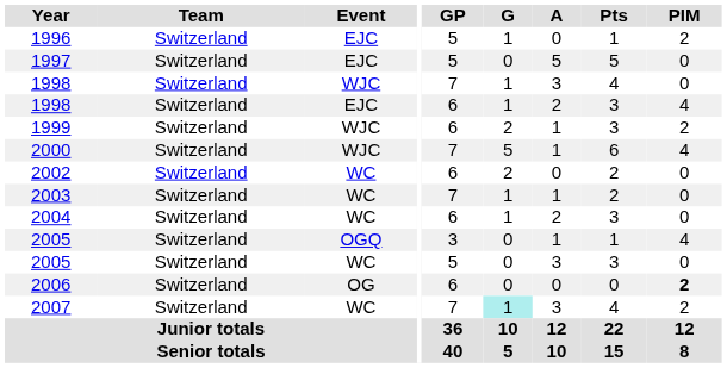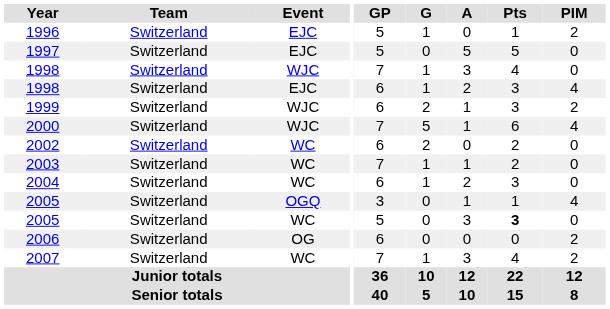 <table border="0" cellpadding="1" cellspacing="0" ID="Table3" style="text-align:center; width:40em">
 <tr ALIGN="center" bgcolor="#e0e0e0">
 <th>Year</th>
 <th>Team</th>
 <th>Event</th>
 <th rowspan="99" bgcolor="#ffffff"></th>
 <th>GP</th>
 <th>G</th>
 <th>A</th>
 <th>Pts</th>
 <th>PIM</th>
 </tr>
 <tr>
 <td><a href='#'>1996</a></td>
 <td><a href='#'>Switzerland</a></td>
 <td><a href='#'>EJC</a></td>
 <td>5</td>
 <td>1</td>
 <td>0</td>
 <td>1</td>
 <td>2</td>
 </tr>
 <tr bgcolor="#f0f0f0">
 <td><a href='#'>1997</a></td>
 <td>Switzerland</td>
 <td>EJC</td>
 <td>5</td>
 <td>0</td>
 <td>5</td>
 <td>5</td>
 <td>0</td>
 </tr>
 <tr>
 <td><a href='#'>1998</a></td>
 <td><a href='#'>Switzerland</a></td>
 <td><a href='#'>WJC</a></td>
 <td>7</td>
 <td>1</td>
 <td>3</td>
 <td>4</td>
 <td>0</td>
 </tr>
 <tr bgcolor="#f0f0f0">
 <td><a href='#'>1998</a></td>
 <td>Switzerland</td>
 <td>EJC</td>
 <td>6</td>
 <td>1</td>
 <td>2</td>
 <td>3</td>
 <td>4</td>
 </tr>
 <tr>
 <td><a href='#'>1999</a></td>
 <td>Switzerland</td>
 <td>WJC</td>
 <td>6</td>
 <td>2</td>
 <td>1</td>
 <td>3</td>
 <td>2</td>
 </tr>
 <tr bgcolor="#f0f0f0">
 <td><a href='#'>2000</a></td>
 <td>Switzerland</td>
 <td>WJC</td>
 <td>7</td>
 <td>5</td>
 <td>1</td>
 <td>6</td>
 <td>4</td>
 </tr>
 <tr>
 <td><a href='#'>2002</a></td>
 <td><a href='#'>Switzerland</a></td>
 <td><a href='#'>WC</a></td>
 <td>6</td>
 <td>2</td>
 <td>0</td>
 <td>2</td>
 <td>0</td>
 </tr>
 <tr bgcolor="#f0f0f0">
 <td><a href='#'>2003</a></td>
 <td>Switzerland</td>
 <td>WC</td>
 <td>7</td>
 <td>1</td>
 <td>1</td>
 <td>2</td>
 <td>0</td>
 </tr>
 <tr>
 <td><a href='#'>2004</a></td>
 <td>Switzerland</td>
 <td>WC</td>
 <td>6</td>
 <td>1</td>
 <td>2</td>
 <td>3</td>
 <td>0</td>
 </tr>
 <tr bgcolor="#f0f0f0">
 <td><a href='#'>2005</a></td>
 <td>Switzerland</td>
 <td><a href='#'>OGQ</a></td>
 <td>3</td>
 <td>0</td>
 <td>1</td>
 <td>1</td>
 <td>4</td>
 </tr>
 <tr>
 <td><a href='#'>2005</a></td>
 <td>Switzerland</td>
 <td>WC</td>
 <td>5</td>
 <td>0</td>
 <td>3</td>
-<td>3</td>
+<td><strong>3</strong></td>
 <td>0</td>
 </tr>
 <tr bgcolor="#f0f0f0">
 <td><a href='#'>2006</a></td>
 <td>Switzerland</td>
 <td>OG</td>
 <td>6</td>
 <td>0</td>
 <td>0</td>
 <td>0</td>
-<td><strong>2</strong></td>
+<td>2</td>
 </tr>
 <tr>
 <td><a href='#'>2007</a></td>
 <td>Switzerland</td>
 <td>WC</td>
 <td>7</td>
-<td style="background: paleturquoise;">1</td>
+<td>1</td>
 <td>3</td>
 <td>4</td>
 <td>2</td>
 </tr>
 <tr style="background: #e0e0e0;">
 <th colspan="3">Junior totals</th>
 <th>36</th>
 <th>10</th>
 <th>12</th>
 <th>22</th>
 <th>12</th>
 </tr>
 <tr style="background: #e0e0e0;">
 <th colspan="3">Senior totals</th>
 <th>40</th>
 <th>5</th>
 <th>10</th>
 <th>15</th>
 <th>8</th>
 </tr>
 </table>
